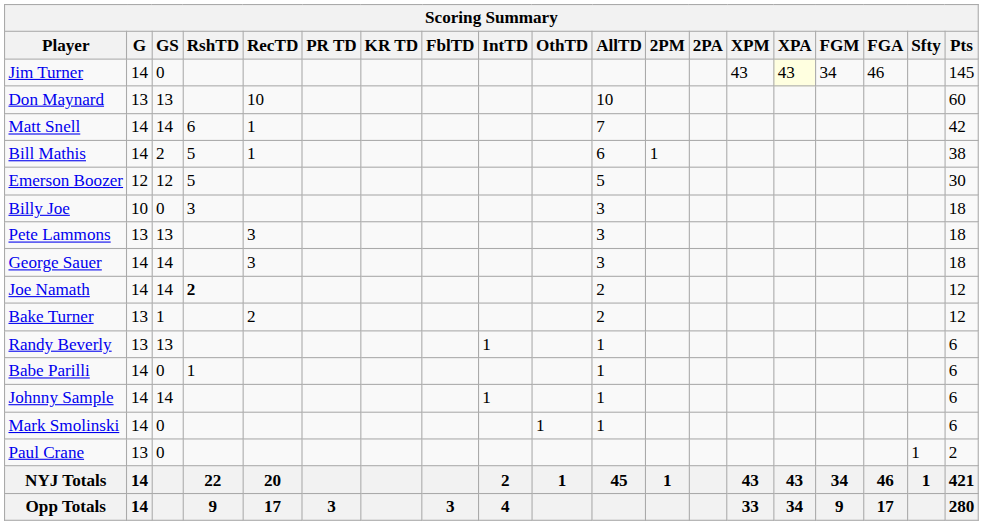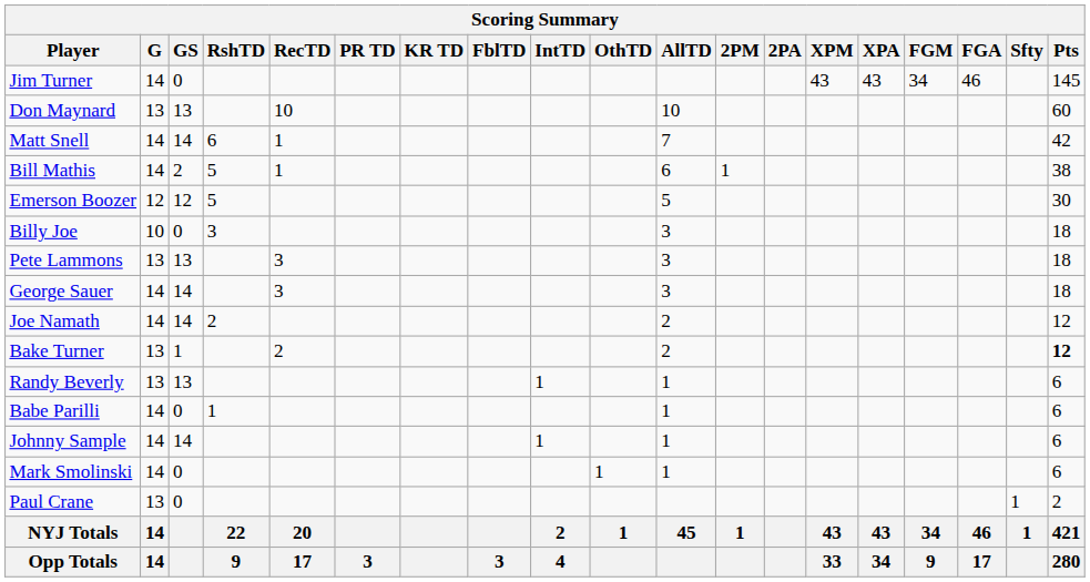 <table class="wikitable">
 <tr>
 <th colspan="19">Scoring Summary</th>
 </tr>
 <tr>
 <th>Player</th>
 <th>G</th>
 <th>GS</th>
 <th>RshTD</th>
 <th>RecTD</th>
 <th>PR TD</th>
 <th>KR TD</th>
 <th>FblTD</th>
 <th>IntTD</th>
 <th>OthTD</th>
 <th>AllTD</th>
 <th>2PM</th>
 <th>2PA</th>
 <th>XPM</th>
 <th>XPA</th>
 <th>FGM</th>
 <th>FGA</th>
 <th>Sfty</th>
 <th>Pts</th>
 </tr>
 <tr>
 <td><a href='#'>Jim Turner</a></td>
 <td>14</td>
 <td>0</td>
 <td></td>
 <td></td>
 <td></td>
 <td></td>
 <td></td>
 <td></td>
 <td></td>
 <td></td>
 <td></td>
 <td></td>
 <td>43</td>
-<td style="background: lightyellow;">43</td>
+<td>43</td>
 <td>34</td>
 <td>46</td>
 <td></td>
 <td>145</td>
 </tr>
 <tr>
 <td><a href='#'>Don Maynard</a></td>
 <td>13</td>
 <td>13</td>
 <td></td>
 <td>10</td>
 <td></td>
 <td></td>
 <td></td>
 <td></td>
 <td></td>
 <td>10</td>
 <td></td>
 <td></td>
 <td></td>
 <td></td>
 <td></td>
 <td></td>
 <td></td>
 <td>60</td>
 </tr>
 <tr>
 <td><a href='#'>Matt Snell</a></td>
 <td>14</td>
 <td>14</td>
 <td>6</td>
 <td>1</td>
 <td></td>
 <td></td>
 <td></td>
 <td></td>
 <td></td>
 <td>7</td>
 <td></td>
 <td></td>
 <td></td>
 <td></td>
 <td></td>
 <td></td>
 <td></td>
 <td>42</td>
 </tr>
 <tr>
 <td><a href='#'>Bill Mathis</a></td>
 <td>14</td>
 <td>2</td>
 <td>5</td>
 <td>1</td>
 <td></td>
 <td></td>
 <td></td>
 <td></td>
 <td></td>
 <td>6</td>
 <td>1</td>
 <td></td>
 <td></td>
 <td></td>
 <td></td>
 <td></td>
 <td></td>
 <td>38</td>
 </tr>
 <tr>
 <td><a href='#'>Emerson Boozer</a></td>
 <td>12</td>
 <td>12</td>
 <td>5</td>
 <td></td>
 <td></td>
 <td></td>
 <td></td>
 <td></td>
 <td></td>
 <td>5</td>
 <td></td>
 <td></td>
 <td></td>
 <td></td>
 <td></td>
 <td></td>
 <td></td>
 <td>30</td>
 </tr>
 <tr>
 <td><a href='#'>Billy Joe</a></td>
 <td>10</td>
 <td>0</td>
 <td>3</td>
 <td></td>
 <td></td>
 <td></td>
 <td></td>
 <td></td>
 <td></td>
 <td>3</td>
 <td></td>
 <td></td>
 <td></td>
 <td></td>
 <td></td>
 <td></td>
 <td></td>
 <td>18</td>
 </tr>
 <tr>
 <td><a href='#'>Pete Lammons</a></td>
 <td>13</td>
 <td>13</td>
 <td></td>
 <td>3</td>
 <td></td>
 <td></td>
 <td></td>
 <td></td>
 <td></td>
 <td>3</td>
 <td></td>
 <td></td>
 <td></td>
 <td></td>
 <td></td>
 <td></td>
 <td></td>
 <td>18</td>
 </tr>
 <tr>
 <td><a href='#'>George Sauer</a></td>
 <td>14</td>
 <td>14</td>
 <td></td>
 <td>3</td>
 <td></td>
 <td></td>
 <td></td>
 <td></td>
 <td></td>
 <td>3</td>
 <td></td>
 <td></td>
 <td></td>
 <td></td>
 <td></td>
 <td></td>
 <td></td>
 <td>18</td>
 </tr>
 <tr>
 <td><a href='#'>Joe Namath</a></td>
 <td>14</td>
 <td>14</td>
-<td><strong>2</strong></td>
+<td>2</td>
 <td></td>
 <td></td>
 <td></td>
 <td></td>
 <td></td>
 <td></td>
 <td>2</td>
 <td></td>
 <td></td>
 <td></td>
 <td></td>
 <td></td>
 <td></td>
 <td></td>
 <td>12</td>
 </tr>
 <tr>
 <td><a href='#'>Bake Turner</a></td>
 <td>13</td>
 <td>1</td>
 <td></td>
 <td>2</td>
 <td></td>
 <td></td>
 <td></td>
 <td></td>
 <td></td>
 <td>2</td>
 <td></td>
 <td></td>
 <td></td>
 <td></td>
 <td></td>
 <td></td>
 <td></td>
-<td>12</td>
+<td><strong>12</strong></td>
 </tr>
 <tr>
 <td><a href='#'>Randy Beverly</a></td>
 <td>13</td>
 <td>13</td>
 <td></td>
 <td></td>
 <td></td>
 <td></td>
 <td></td>
 <td>1</td>
 <td></td>
 <td>1</td>
 <td></td>
 <td></td>
 <td></td>
 <td></td>
 <td></td>
 <td></td>
 <td></td>
 <td>6</td>
 </tr>
 <tr>
 <td><a href='#'>Babe Parilli</a></td>
 <td>14</td>
 <td>0</td>
 <td>1</td>
 <td></td>
 <td></td>
 <td></td>
 <td></td>
 <td></td>
 <td></td>
 <td>1</td>
 <td></td>
 <td></td>
 <td></td>
 <td></td>
 <td></td>
 <td></td>
 <td></td>
 <td>6</td>
 </tr>
 <tr>
 <td><a href='#'>Johnny Sample</a></td>
 <td>14</td>
 <td>14</td>
 <td></td>
 <td></td>
 <td></td>
 <td></td>
 <td></td>
 <td>1</td>
 <td></td>
 <td>1</td>
 <td></td>
 <td></td>
 <td></td>
 <td></td>
 <td></td>
 <td></td>
 <td></td>
 <td>6</td>
 </tr>
 <tr>
 <td><a href='#'>Mark Smolinski</a></td>
 <td>14</td>
 <td>0</td>
 <td></td>
 <td></td>
 <td></td>
 <td></td>
 <td></td>
 <td></td>
 <td>1</td>
 <td>1</td>
 <td></td>
 <td></td>
 <td></td>
 <td></td>
 <td></td>
 <td></td>
 <td></td>
 <td>6</td>
 </tr>
 <tr>
 <td><a href='#'>Paul Crane</a></td>
 <td>13</td>
 <td>0</td>
 <td></td>
 <td></td>
 <td></td>
 <td></td>
 <td></td>
 <td></td>
 <td></td>
 <td></td>
 <td></td>
 <td></td>
 <td></td>
 <td></td>
 <td></td>
 <td></td>
 <td>1</td>
 <td>2</td>
 </tr>
 <tr>
 <th><strong>NYJ Totals</strong></th>
 <th>14</th>
 <th></th>
 <th>22</th>
 <th>20</th>
 <th></th>
 <th></th>
 <th></th>
 <th>2</th>
 <th>1</th>
 <th>45</th>
 <th>1</th>
 <th></th>
 <th>43</th>
 <th>43</th>
 <th>34</th>
 <th>46</th>
 <th>1</th>
 <th>421</th>
 </tr>
 <tr>
 <th><strong>Opp Totals</strong></th>
 <th>14</th>
 <th></th>
 <th>9</th>
 <th>17</th>
 <th>3</th>
 <th></th>
 <th>3</th>
 <th>4</th>
 <th></th>
 <th></th>
 <th></th>
 <th></th>
 <th>33</th>
 <th>34</th>
 <th>9</th>
 <th>17</th>
 <th></th>
 <th>280</th>
 </tr>
 </table>
